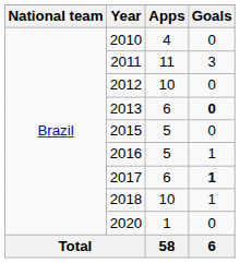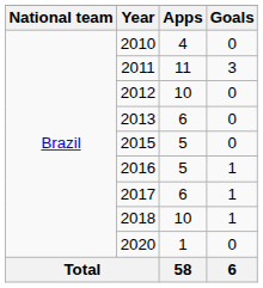 <table class="wikitable" style="text-align:center">
 <tr>
 </tr>
 <tr>
 <th>National team</th>
 <th>Year</th>
 <th>Apps</th>
 <th>Goals</th>
 </tr>
 <tr>
 <td rowspan=9><a href='#'>Brazil</a></td>
 <td>2010</td>
 <td>4</td>
 <td>0</td>
 </tr>
 <tr>
 <td>2011</td>
 <td>11</td>
 <td>3</td>
 </tr>
 <tr>
 <td>2012</td>
 <td>10</td>
 <td>0</td>
 </tr>
 <tr>
 <td>2013</td>
 <td>6</td>
-<td><strong>0</strong></td>
+<td>0</td>
 </tr>
 <tr>
 <td>2015</td>
 <td>5</td>
 <td>0</td>
 </tr>
 <tr>
 <td>2016</td>
 <td>5</td>
 <td>1</td>
 </tr>
 <tr>
 <td>2017</td>
 <td>6</td>
-<td><strong>1</strong></td>
+<td>1</td>
 </tr>
 <tr>
 <td>2018</td>
 <td>10</td>
 <td>1</td>
 </tr>
 <tr>
 <td>2020</td>
 <td>1</td>
 <td>0</td>
 </tr>
 <tr>
 <th colspan=2>Total</th>
 <th>58</th>
 <th>6</th>
 </tr>
 </table>
